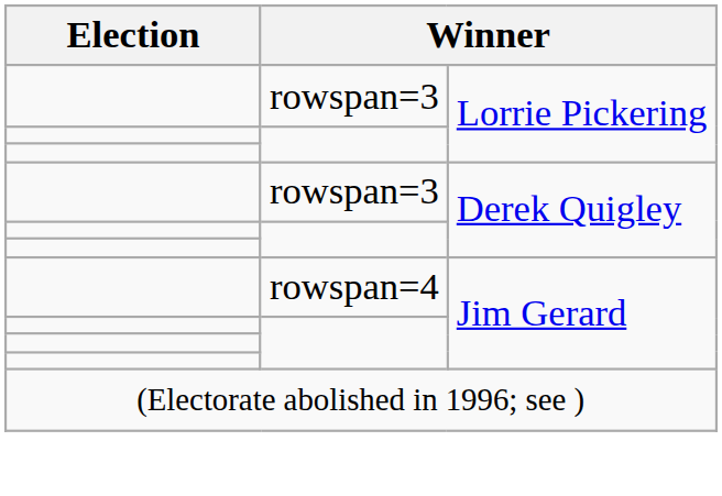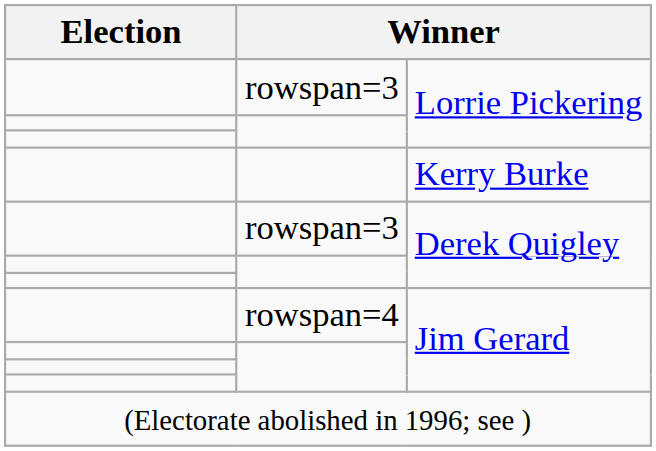 <table class=wikitable>
 <tr>
 <th width=100>Election</th>
 <th width=175 colspan=2>Winner</th>
 </tr>
 <tr>
 <td></td>
 <td>rowspan=3 </td>
 <td rowspan=3><a href='#'>Lorrie Pickering</a></td>
 </tr>
 <tr>
 <td></td>
 </tr>
 <tr>
 <td></td>
+</tr>
+<tr>
+<td></td>
+<td></td>
+<td><a href='#'>Kerry Burke</a></td>
 </tr>
 <tr>
 <td></td>
 <td>rowspan=3 </td>
 <td rowspan=3><a href='#'>Derek Quigley</a></td>
 </tr>
 <tr>
 <td></td>
 </tr>
 <tr>
 <td></td>
 </tr>
 <tr>
 <td></td>
 <td>rowspan=4 </td>
 <td rowspan=4><a href='#'>Jim Gerard</a></td>
 </tr>
 <tr>
 <td></td>
 </tr>
 <tr>
 <td></td>
 </tr>
 <tr>
 <td></td>
 </tr>
 <tr>
 <td colspan=3 align=center><small>(Electorate abolished in 1996; see )</small></td>
 </tr>
 </table>
